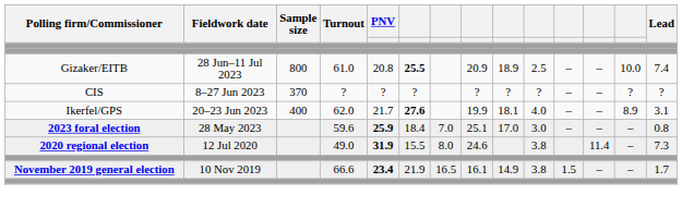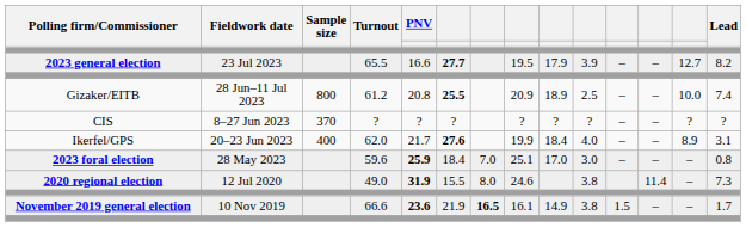 <table class="wikitable collapsible collapsed" style="text-align:center; font-size:95%; line-height:16px;">
 <tr style="height:42px;">
 <th style="width:250px;" rowspan="2">Polling firm/Commissioner</th>
 <th style="width:125px;" rowspan="2">Fieldwork date</th>
 <th style="width:50px;" rowspan="2">Sample size</th>
 <th style="width:45px;" rowspan="2">Turnout</th>
 <th style="width:35px;"><a href='#'>PNV</a></th>
 <th style="width:35px;"></th>
 <th style="width:35px;"></th>
 <th style="width:35px;"></th>
 <th style="width:35px;"></th>
 <th style="width:35px;"></th>
 <th style="width:35px;"></th>
 <th style="width:35px;"></th>
 <th style="width:35px;"></th>
 <th style="width:30px;" rowspan="2">Lead</th>
 </tr>
 <tr>
 <th style="color:inherit;background:"></th>
 <th style="color:inherit;background:"></th>
 <th style="color:inherit;background:"></th>
 <th style="color:inherit;background:"></th>
 <th style="color:inherit;background:"></th>
 <th style="color:inherit;background:"></th>
 <th style="color:inherit;background:"></th>
 <th style="color:inherit;background:"></th>
 <th style="color:inherit;background:"></th>
 </tr>
 <tr>
 <td colspan="14" style="background:#A0A0A0"></td>
 </tr>
+<tr style="background:#EFEFEF;">
+<td><strong><a href='#'>2023 general election</a></strong></td>
+<td>23 Jul 2023</td>
+<td></td>
+<td>65.5</td>
+<td>16.6<br></td>
+<td><strong>27.7</strong><br></td>
+<td></td>
+<td>19.5<br></td>
+<td>17.9<br></td>
+<td>3.9<br></td>
+<td>–</td>
+<td>–</td>
+<td>12.7<br></td>
+<td style="background:">8.2</td>
+</tr>
 <tr>
 <td colspan="14" style="background:#A0A0A0"></td>
 </tr>
 <tr>
 <td>Gizaker/EITB</td>
 <td>28 Jun–11 Jul 2023</td>
 <td>800</td>
-<td>61.0</td>
+<td>61.2</td>
 <td>20.8<br></td>
 <td><strong>25.5</strong><br></td>
 <td></td>
 <td>20.9<br></td>
 <td>18.9<br></td>
 <td>2.5<br></td>
 <td>–</td>
 <td>–</td>
 <td>10.0<br></td>
 <td style="background:">7.4</td>
 </tr>
 <tr>
 <td>CIS</td>
 <td>8–27 Jun 2023</td>
 <td>370</td>
 <td>?</td>
 <td>?<br></td>
 <td>?<br></td>
 <td></td>
 <td>?<br></td>
 <td>?<br></td>
 <td>?<br></td>
 <td>–</td>
 <td>–</td>
 <td>?<br></td>
 <td style="background:">?</td>
 </tr>
 <tr>
 <td>Ikerfel/GPS</td>
 <td>20–23 Jun 2023</td>
 <td>400</td>
 <td>62.0</td>
 <td>21.7<br></td>
 <td><strong>27.6</strong><br></td>
 <td></td>
 <td>19.9<br></td>
-<td>18.1<br></td>
+<td>18.4<br></td>
 <td>4.0<br></td>
 <td>–</td>
 <td>–</td>
 <td>8.9<br></td>
 <td style="background:">3.1</td>
 </tr>
 <tr style="background:#EFEFEF;">
 <td><strong><a href='#'>2023 foral election</a></strong></td>
 <td>28 May 2023</td>
 <td></td>
 <td>59.6</td>
 <td><strong>25.9</strong><br></td>
 <td>18.4<br></td>
 <td>7.0<br></td>
 <td>25.1<br></td>
 <td>17.0<br></td>
 <td>3.0<br></td>
 <td>–</td>
 <td>–</td>
 <td>–</td>
 <td style="background:">0.8</td>
 </tr>
 <tr style="background:#EFEFEF;">
 <td><strong><a href='#'>2020 regional election</a></strong></td>
 <td>12 Jul 2020</td>
 <td></td>
 <td>49.0</td>
 <td><strong>31.9</strong><br></td>
 <td>15.5<br></td>
 <td>8.0<br></td>
 <td>24.6<br></td>
 <td></td>
 <td>3.8<br></td>
 <td></td>
 <td>11.4<br></td>
 <td>–</td>
 <td style="background:">7.3</td>
 </tr>
 <tr>
 <td colspan="14" style="background:#A0A0A0"></td>
 </tr>
 <tr style="background:#EFEFEF;">
 <td><strong><a href='#'>November 2019 general election</a></strong></td>
 <td>10 Nov 2019</td>
 <td></td>
 <td>66.6</td>
-<td><strong>23.4</strong><br></td>
+<td><strong>23.6</strong><br></td>
 <td>21.9<br></td>
-<td>16.5<br></td>
+<td><strong>16.5<br></strong></td>
 <td>16.1<br></td>
 <td>14.9<br></td>
 <td>3.8<br></td>
 <td>1.5<br></td>
 <td>–</td>
 <td>–</td>
 <td style="background:">1.7</td>
 </tr>
 <tr>
 <td colspan="14" style="background:#A0A0A0"></td>
 </tr>
 </table>
